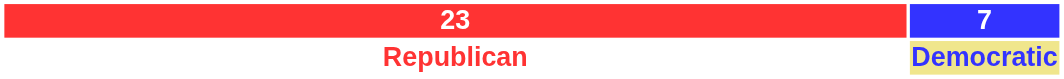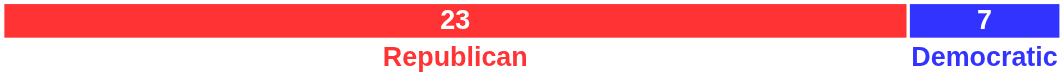 <table style="width:50%">
 <tr>
 <td scope="row" colspan="3" style="text-align:center"></td>
 </tr>
 <tr>
 <td scope="row" style="background:#F33; width:86%; text-align:center; color:white"><strong>23</strong></td>
 <td style="background:#33F; width:14%; text-align:center; color:white"><strong>7</strong></td>
 </tr>
 <tr>
 <td scope="row" style="text-align:center; color:#F33"><strong>Republican</strong></td>
-<td style="background: khaki; text-align:center; color:#33F"><strong>Democratic</strong></td>
+<td style="text-align:center; color:#33F"><strong>Democratic</strong></td>
 </tr>
 </table>
